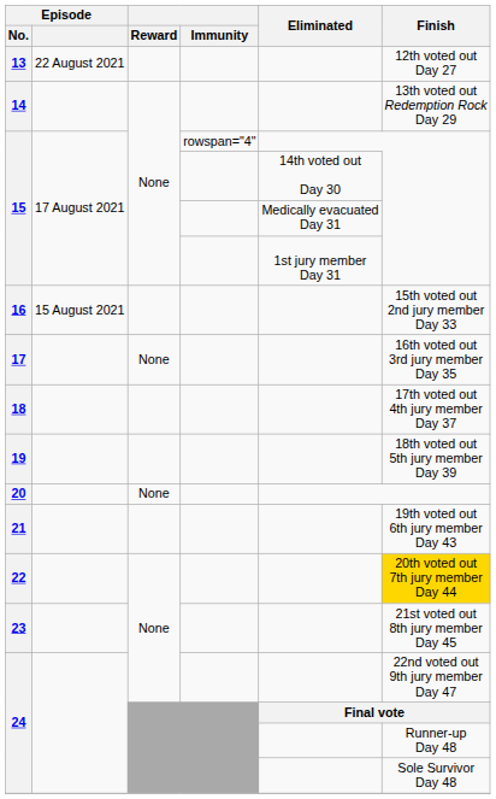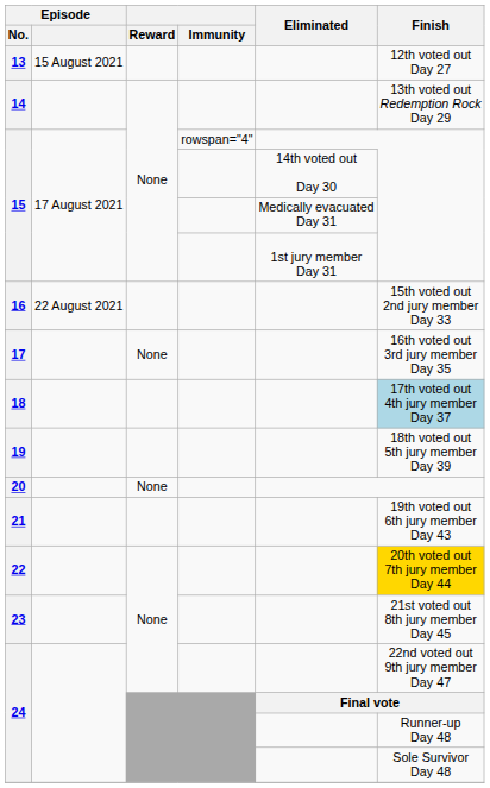 <table class="wikitable nowrap" style="text-align:center; font-size:100%">
 <tr>
 <th colspan="2"><strong>Episode</strong></th>
 <th colspan="2"></th>
 <th rowspan="2"><strong>Eliminated</strong></th>
 <th rowspan="2"><strong>Finish</strong></th>
 </tr>
 <tr>
 <th>No.</th>
 <th></th>
 <th>Reward</th>
 <th>Immunity</th>
 </tr>
 <tr>
 <th><a href='#'>13</a></th>
-<td>22 August 2021</td>
+<td>15 August 2021</td>
 <td><br></td>
 <td></td>
 <td></td>
 <td>12th voted out<br>Day 27</td>
 </tr>
 <tr>
 <th><a href='#'>14</a></th>
 <td></td>
 <td rowspan="5">None</td>
 <td></td>
 <td></td>
 <td>13th voted out<br><em>Redemption Rock</em><br>Day 29</td>
 </tr>
 <tr>
 <th rowspan="4"><a href='#'>15</a></th>
 <td rowspan="4">17 August 2021</td>
 <td>rowspan="4" </td>
 </tr>
 <tr>
 <td></td>
 <td>14th voted out<br><br>Day 30</td>
 </tr>
 <tr>
 <td></td>
 <td>Medically evacuated<br>Day 31</td>
 </tr>
 <tr>
 <td></td>
 <td><br>1st jury member<br>Day 31</td>
 </tr>
 <tr>
 <th><a href='#'>16</a></th>
-<td>15 August 2021</td>
+<td>22 August 2021</td>
 <td></td>
 <td></td>
 <td></td>
 <td>15th voted out<br>2nd jury member<br>Day 33</td>
 </tr>
 <tr>
 <th><a href='#'>17</a></th>
 <td></td>
 <td>None</td>
 <td></td>
 <td></td>
 <td>16th voted out<br>3rd jury member<br>Day 35</td>
 </tr>
 <tr>
 <th><a href='#'>18</a></th>
 <td></td>
 <td></td>
 <td></td>
 <td></td>
-<td>17th voted out<br>4th jury member<br>Day 37</td>
+<td style="background: lightblue;">17th voted out<br>4th jury member<br>Day 37</td>
 </tr>
 <tr>
 <th><a href='#'>19</a></th>
 <td></td>
 <td></td>
 <td></td>
 <td></td>
 <td>18th voted out<br>5th jury member<br>Day 39</td>
 </tr>
 <tr>
 <th><a href='#'>20</a></th>
 <td></td>
 <td>None</td>
 <td></td>
 <td colspan="2"><small><em><br></em></small></td>
 </tr>
 <tr>
 <th><a href='#'>21</a></th>
 <td></td>
 <td></td>
 <td></td>
 <td></td>
 <td>19th voted out<br>6th jury member<br>Day 43</td>
 </tr>
 <tr>
 <th><a href='#'>22</a></th>
 <td></td>
 <td rowspan=3>None</td>
 <td></td>
 <td></td>
 <td style="background: gold;">20th voted out<br>7th jury member<br>Day 44</td>
 </tr>
 <tr>
 <th><a href='#'>23</a></th>
 <td></td>
 <td></td>
 <td></td>
 <td>21st voted out<br>8th jury member<br>Day 45</td>
 </tr>
 <tr>
 <th rowspan="4"><a href='#'>24</a></th>
 <td rowspan="4"></td>
 <td></td>
 <td></td>
 <td>22nd voted out<br>9th jury member<br>Day 47</td>
 </tr>
 <tr>
 <td rowspan="3" colspan="2" bgcolor="darkgray"></td>
 <th colspan="2">Final vote</th>
 </tr>
 <tr>
 <td></td>
 <td>Runner-up<br>Day 48</td>
 </tr>
 <tr>
 <td></td>
 <td>Sole Survivor<br>Day 48</td>
 </tr>
 <tr>
 </tr>
 </table>
